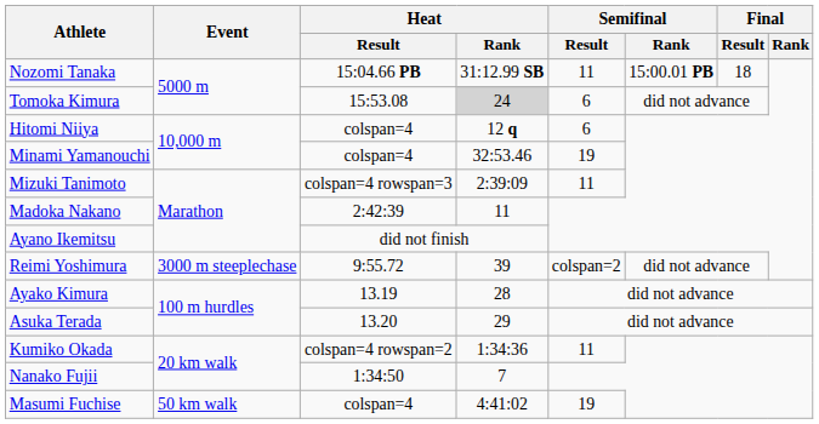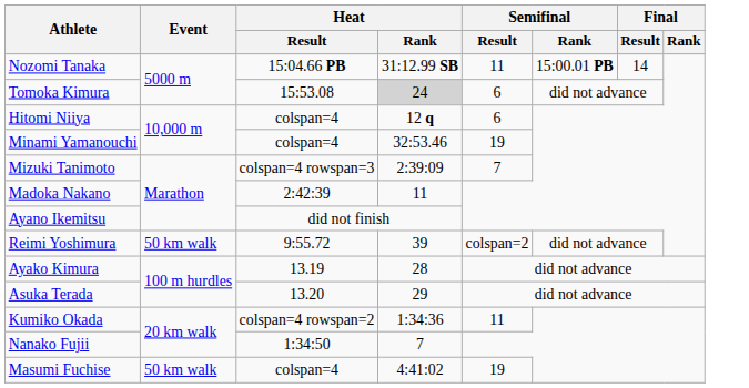 <table class="wikitable" style="font-size:90%">
 <tr>
 <th rowspan="2">Athlete</th>
 <th rowspan="2">Event</th>
 <th colspan="2">Heat</th>
 <th colspan="2">Semifinal</th>
 <th colspan="2">Final</th>
 </tr>
 <tr style="font-size:95%">
 <th>Result</th>
 <th>Rank</th>
 <th>Result</th>
 <th>Rank</th>
 <th>Result</th>
 <th>Rank</th>
 </tr>
 <tr align=center>
 <td align=left><a href='#'>Nozomi Tanaka</a></td>
 <td align=left rowspan=2><a href='#'>5000 m</a></td>
 <td>15:04.66 <strong>PB</strong></td>
 <td>31:12.99 <strong>SB</strong></td>
 <td>11</td>
 <td>15:00.01 <strong>PB</strong></td>
-<td>18</td>
+<td>14</td>
 </tr>
 <tr align=center>
 <td align=left><a href='#'>Tomoka Kimura</a></td>
 <td>15:53.08</td>
 <td style="background: lightgrey;">24</td>
 <td>6</td>
 <td colspan="2">did not advance</td>
 </tr>
 <tr align=center>
 <td align=left><a href='#'>Hitomi Niiya</a></td>
 <td align=left rowspan=2><a href='#'>10,000 m</a></td>
 <td>colspan=4 </td>
 <td>12 <strong>q</strong></td>
 <td>6</td>
 </tr>
 <tr align=center>
 <td align=left><a href='#'>Minami Yamanouchi</a></td>
 <td>colspan=4 </td>
 <td>32:53.46</td>
 <td>19</td>
 </tr>
 <tr align=center>
 <td align=left><a href='#'>Mizuki Tanimoto</a></td>
 <td align=left rowspan=3><a href='#'>Marathon</a></td>
 <td>colspan=4 rowspan=3</td>
 <td>2:39:09</td>
-<td>11</td>
+<td>7</td>
 </tr>
 <tr align=center>
 <td align=left><a href='#'>Madoka Nakano</a></td>
 <td>2:42:39</td>
 <td>11</td>
 </tr>
 <tr align=center>
 <td align=left><a href='#'>Ayano Ikemitsu</a></td>
 <td colspan="2">did not finish</td>
 </tr>
 <tr align=center>
 <td align=left><a href='#'>Reimi Yoshimura</a></td>
-<td align=left><a href='#'>3000 m steeplechase</a></td>
+<td align=left><a href='#'>50 km walk</a></td>
 <td>9:55.72</td>
 <td>39</td>
 <td>colspan=2 </td>
 <td colspan="2">did not advance</td>
 </tr>
 <tr align=center>
 <td align=left><a href='#'>Ayako Kimura</a></td>
 <td align=left rowspan=2><a href='#'>100 m hurdles</a></td>
 <td>13.19</td>
 <td>28</td>
 <td colspan="4">did not advance</td>
 </tr>
 <tr align=center>
 <td align=left><a href='#'>Asuka Terada</a></td>
 <td>13.20</td>
 <td>29</td>
 <td colspan="4">did not advance</td>
 </tr>
 <tr align=center>
 <td align=left><a href='#'>Kumiko Okada</a></td>
 <td align=left rowspan=2><a href='#'>20 km walk</a></td>
 <td>colspan=4 rowspan=2</td>
 <td>1:34:36</td>
 <td>11</td>
 </tr>
 <tr align=center>
 <td align=left><a href='#'>Nanako Fujii</a></td>
 <td>1:34:50</td>
 <td>7</td>
 </tr>
 <tr align=center>
 <td align=left><a href='#'>Masumi Fuchise</a></td>
 <td align=left><a href='#'>50 km walk</a></td>
 <td>colspan=4 </td>
 <td>4:41:02</td>
 <td>19</td>
 </tr>
 </table>
